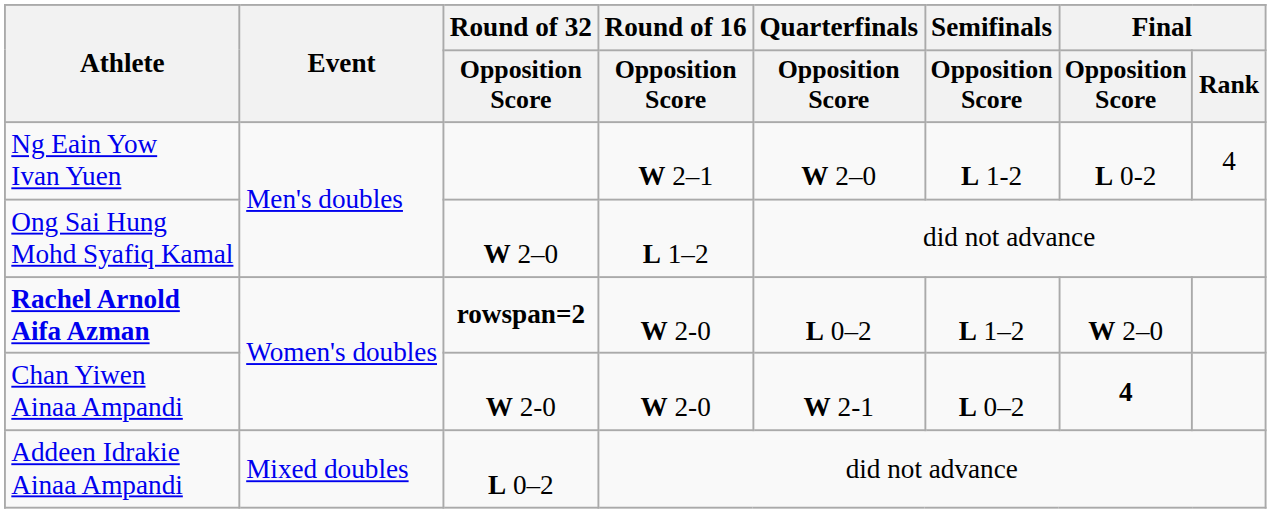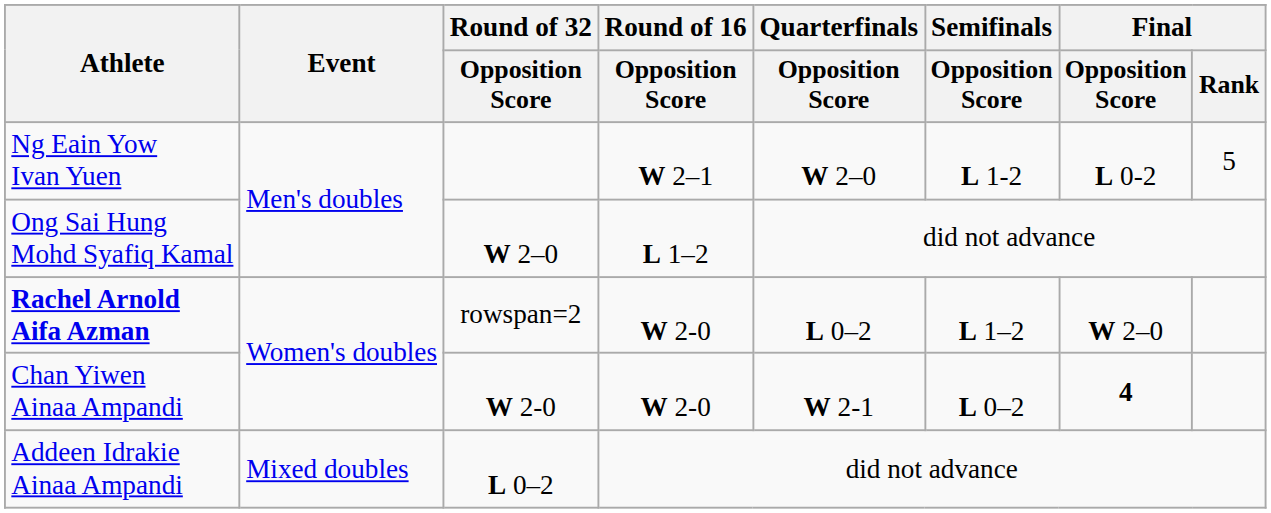 <table class=wikitable style=font-size:90%;text-align:center>
 <tr>
 <th rowspan=2>Athlete</th>
 <th rowspan=2>Event</th>
 <th>Round of 32</th>
 <th>Round of 16</th>
 <th>Quarterfinals</th>
 <th>Semifinals</th>
 <th colspan=2>Final</th>
 </tr>
 <tr style=font-size:95%>
 <th>Opposition<br>Score</th>
 <th>Opposition<br>Score</th>
 <th>Opposition<br>Score</th>
 <th>Opposition<br>Score</th>
 <th>Opposition<br>Score</th>
 <th>Rank</th>
 </tr>
 <tr>
 <td style="text-align:left"><a href='#'>Ng Eain Yow</a> <br> <a href='#'>Ivan Yuen</a></td>
 <td style="text-align:left" rowspan=2><a href='#'>Men's doubles</a></td>
 <td></td>
 <td><br><strong>W</strong> 2–1</td>
 <td><br><strong>W</strong> 2–0</td>
 <td><br> <strong>L</strong> 1-2</td>
 <td><br> <strong>L</strong> 0-2</td>
-<td>4</td>
+<td>5</td>
 </tr>
 <tr>
 <td style="text-align:left"><a href='#'>Ong Sai Hung</a> <br> <a href='#'>Mohd Syafiq Kamal</a></td>
 <td><br><strong>W</strong> 2–0</td>
 <td><br><strong>L</strong> 1–2</td>
 <td colspan=4>did not advance</td>
 </tr>
 <tr>
 <td style="text-align:left"><strong><a href='#'>Rachel Arnold</a> <br> <a href='#'>Aifa Azman</a></strong></td>
 <td style="text-align:left"style="text-align:left" rowspan=2><a href='#'>Women's doubles</a></td>
-<td><strong>rowspan=2 </strong></td>
+<td>rowspan=2 </td>
 <td><br><strong>W</strong> 2-0</td>
 <td><br><strong>L</strong> 0–2</td>
 <td><br><strong>L</strong> 1–2</td>
 <td><br><strong>W</strong> 2–0</td>
 <td></td>
 </tr>
 <tr>
 <td style="text-align:left"><a href='#'>Chan Yiwen</a> <br> <a href='#'>Ainaa Ampandi</a></td>
 <td><br><strong>W</strong> 2-0</td>
 <td><br><strong>W</strong> 2-0</td>
 <td><br><strong>W</strong> 2-1</td>
 <td><br><strong>L</strong> 0–2</td>
 <td><strong>4</strong></td>
 </tr>
 <tr>
 <td style="text-align:left"><a href='#'>Addeen Idrakie</a> <br> <a href='#'>Ainaa Ampandi</a></td>
 <td style="text-align:left"><a href='#'>Mixed doubles</a></td>
 <td><br><strong>L</strong> 0–2</td>
 <td colspan=5>did not advance</td>
 </tr>
 </table>
